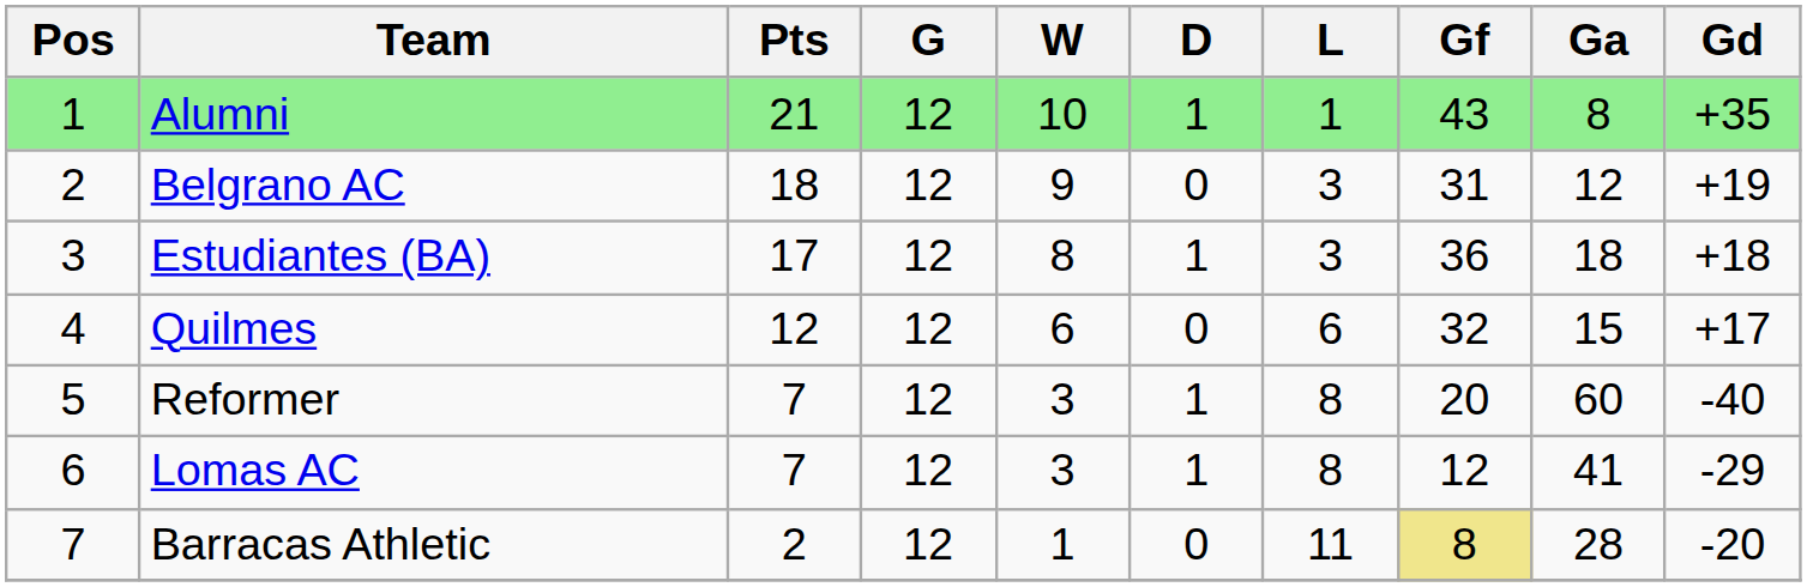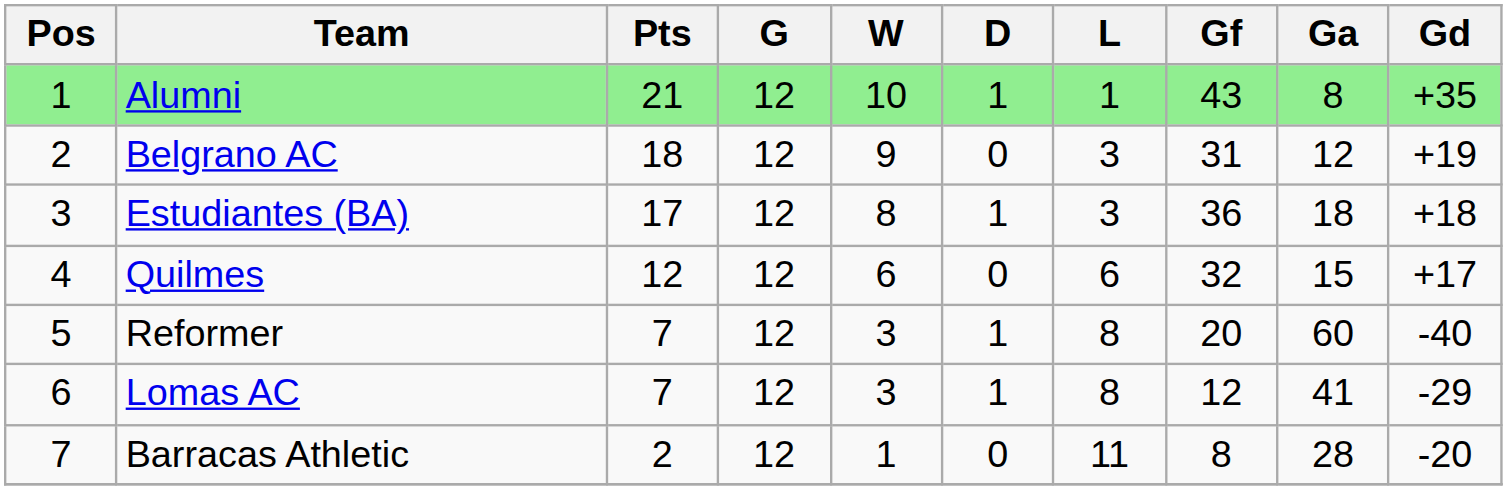 <table class="wikitable" style="text-align:center">
 <tr>
 <th width=40px>Pos</th>
 <th width=200px>Team</th>
 <th width=40px>Pts</th>
 <th width=40px>G</th>
 <th width=40px>W</th>
 <th width=40px>D</th>
 <th width=40px>L</th>
 <th width=40px>Gf</th>
 <th width=40px>Ga</th>
 <th width=40px>Gd</th>
 </tr>
 <tr align=center bgcolor="lightgreen">
 <td>1</td>
 <td align=left><a href='#'>Alumni</a></td>
 <td>21</td>
 <td>12</td>
 <td>10</td>
 <td>1</td>
 <td>1</td>
 <td>43</td>
 <td>8</td>
 <td>+35</td>
 </tr>
 <tr>
 <td>2</td>
 <td align=left><a href='#'>Belgrano AC</a></td>
 <td>18</td>
 <td>12</td>
 <td>9</td>
 <td>0</td>
 <td>3</td>
 <td>31</td>
 <td>12</td>
 <td>+19</td>
 </tr>
 <tr>
 <td>3</td>
 <td align=left><a href='#'>Estudiantes (BA)</a></td>
 <td>17</td>
 <td>12</td>
 <td>8</td>
 <td>1</td>
 <td>3</td>
 <td>36</td>
 <td>18</td>
 <td>+18</td>
 </tr>
 <tr>
 <td>4</td>
 <td align=left><a href='#'>Quilmes</a></td>
 <td>12</td>
 <td>12</td>
 <td>6</td>
 <td>0</td>
 <td>6</td>
 <td>32</td>
 <td>15</td>
 <td>+17</td>
 </tr>
 <tr>
 <td>5</td>
 <td align=left>Reformer</td>
 <td>7</td>
 <td>12</td>
 <td>3</td>
 <td>1</td>
 <td>8</td>
 <td>20</td>
 <td>60</td>
 <td>-40</td>
 </tr>
 <tr>
 <td>6</td>
 <td align=left><a href='#'>Lomas AC</a></td>
 <td>7</td>
 <td>12</td>
 <td>3</td>
 <td>1</td>
 <td>8</td>
 <td>12</td>
 <td>41</td>
 <td>-29</td>
 </tr>
 <tr>
 <td>7</td>
 <td align=left>Barracas Athletic</td>
 <td>2</td>
 <td>12</td>
 <td>1</td>
 <td>0</td>
 <td>11</td>
-<td style="background: khaki;">8</td>
+<td>8</td>
 <td>28</td>
 <td>-20</td>
 </tr>
 <tr>
 </tr>
 </table>
